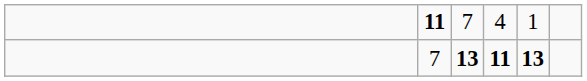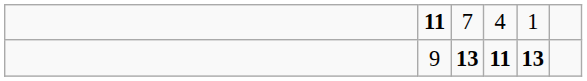 <table class="wikitable">
 <tr>
 <td style="width:18em"></td>
 <td align=center style="width:1em"><strong>11</strong></td>
 <td align=center style="width:1em">7</td>
 <td align=center style="width:1em">4</td>
 <td align=center style="width:1em">1</td>
 <td align=center style="width:1em"></td>
 </tr>
 <tr>
 <td style="width:18em"><strong></strong></td>
-<td align=center style="width:1em">7</td>
+<td align=center style="width:1em">9</td>
 <td align=center style="width:1em"><strong>13</strong></td>
 <td align=center style="width:1em"><strong>11</strong></td>
 <td align=center style="width:1em"><strong>13</strong></td>
 <td align=center style="width:1em"></td>
 </tr>
 </table>
